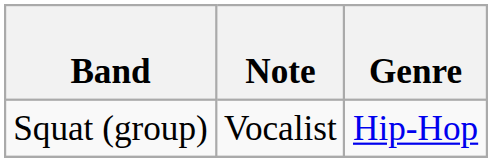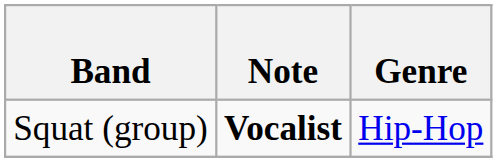 <table class="wikitable">
 <tr>
 <th><br>Band</th>
 <th><br>Note</th>
 <th><br>Genre</th>
 </tr>
 <tr>
 <td>Squat (group)</td>
-<td>Vocalist</td>
+<td><strong>Vocalist</strong></td>
 <td><a href='#'>Hip-Hop</a></td>
 </tr>
 <tr>
 </tr>
 </table>
